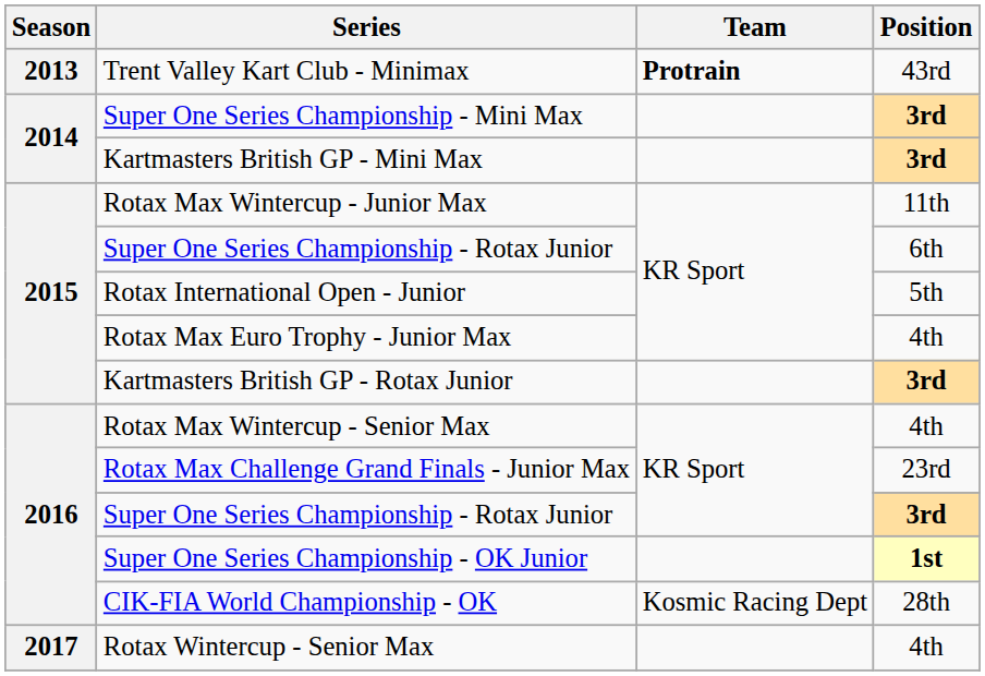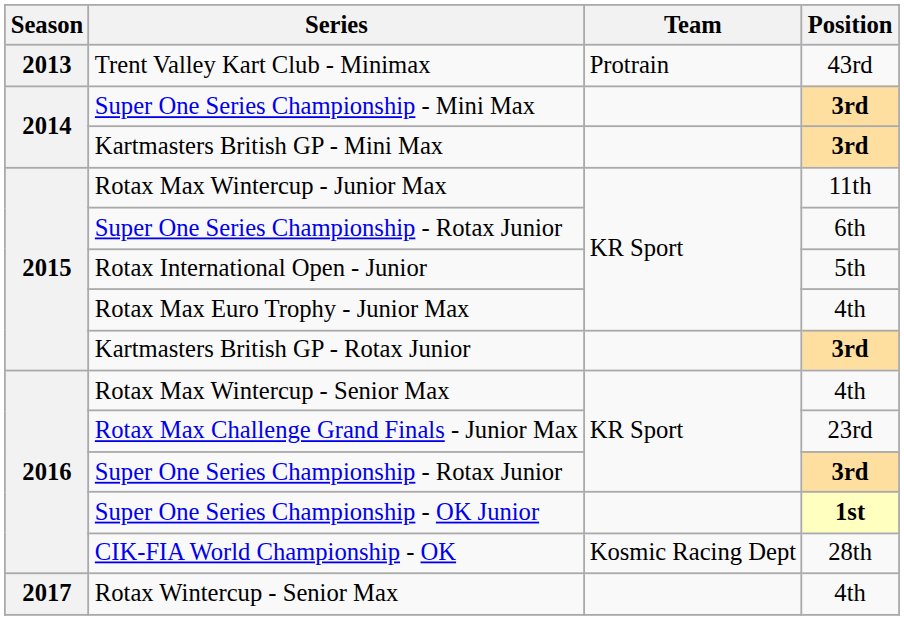 <table class="wikitable" style="font-size: 85%; text-align:center">
 <tr>
 <th>Season</th>
 <th>Series</th>
 <th>Team</th>
 <th>Position</th>
 </tr>
 <tr>
 <th>2013</th>
 <td align=left>Trent Valley Kart Club - Minimax</td>
-<td align="left"><strong>Protrain</strong></td>
+<td align="left">Protrain</td>
 <td>43rd</td>
 </tr>
 <tr>
 <th rowspan="2">2014</th>
 <td align=left><a href='#'>Super One Series Championship</a> - Mini Max</td>
 <td align=left></td>
 <td style="background:#FFDF9F"><strong>3rd</strong></td>
 </tr>
 <tr>
 <td align=left>Kartmasters British GP - Mini Max</td>
 <td align=left></td>
 <td style="background:#FFDF9F"><strong>3rd</strong></td>
 </tr>
 <tr>
 <th rowspan="5">2015</th>
 <td align=left>Rotax Max Wintercup - Junior Max</td>
 <td rowspan="4" align=left>KR Sport</td>
 <td>11th</td>
 </tr>
 <tr>
 <td align=left><a href='#'>Super One Series Championship</a> - Rotax Junior</td>
 <td>6th</td>
 </tr>
 <tr>
 <td align=left>Rotax International Open - Junior</td>
 <td>5th</td>
 </tr>
 <tr>
 <td align=left>Rotax Max Euro Trophy - Junior Max</td>
 <td>4th</td>
 </tr>
 <tr>
 <td align=left>Kartmasters British GP - Rotax Junior</td>
 <td align=left></td>
 <td style="background:#FFDF9F"><strong>3rd</strong></td>
 </tr>
 <tr>
 <th rowspan="5">2016</th>
 <td align=left>Rotax Max Wintercup - Senior Max</td>
 <td rowspan="3" align=left>KR Sport</td>
 <td>4th</td>
 </tr>
 <tr>
 <td align=left><a href='#'>Rotax Max Challenge Grand Finals</a> - Junior Max</td>
 <td>23rd</td>
 </tr>
 <tr>
 <td align=left><a href='#'>Super One Series Championship</a> - Rotax Junior</td>
 <td style="background:#FFDF9F"><strong>3rd</strong></td>
 </tr>
 <tr>
 <td align=left><a href='#'>Super One Series Championship</a> - <a href='#'>OK Junior</a></td>
 <td align=left></td>
 <td style="background:#FFFFBF"><strong>1st</strong></td>
 </tr>
 <tr>
 <td align=left><a href='#'>CIK-FIA World Championship</a> - <a href='#'>OK</a></td>
 <td align=left>Kosmic Racing Dept</td>
 <td>28th</td>
 </tr>
 <tr>
 <th>2017</th>
 <td align=left>Rotax Wintercup - Senior Max</td>
 <td align=left></td>
 <td>4th</td>
 </tr>
 </table>
